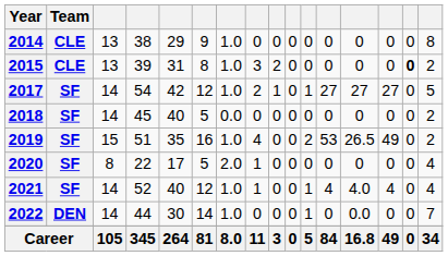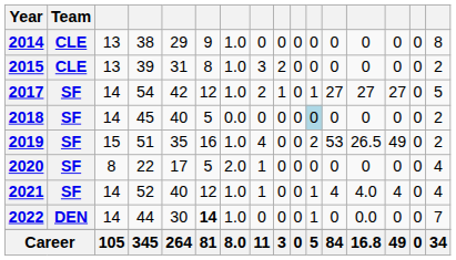 <table class="wikitable sortable" style="text-align:center">
 <tr>
 <th>Year</th>
 <th>Team</th>
 <th></th>
 <th></th>
 <th></th>
 <th></th>
 <th></th>
 <th></th>
 <th></th>
 <th></th>
 <th></th>
 <th></th>
 <th></th>
 <th></th>
 <th></th>
 <th></th>
 </tr>
 <tr>
 <th><a href='#'>2014</a></th>
 <th><a href='#'>CLE</a></th>
 <td>13</td>
 <td>38</td>
 <td>29</td>
 <td>9</td>
 <td>1.0</td>
 <td>0</td>
 <td>0</td>
 <td>0</td>
 <td>0</td>
 <td>0</td>
 <td>0</td>
 <td>0</td>
 <td>0</td>
 <td>8</td>
 </tr>
 <tr>
 <th><a href='#'>2015</a></th>
 <th><a href='#'>CLE</a></th>
 <td>13</td>
 <td>39</td>
 <td>31</td>
 <td>8</td>
 <td>1.0</td>
 <td>3</td>
 <td>2</td>
 <td>0</td>
 <td>0</td>
 <td>0</td>
 <td>0</td>
 <td>0</td>
-<td><strong>0</strong></td>
+<td>0</td>
 <td>2</td>
 </tr>
 <tr>
 <th><a href='#'>2017</a></th>
 <th><a href='#'>SF</a></th>
 <td>14</td>
 <td>54</td>
 <td>42</td>
 <td>12</td>
 <td>1.0</td>
 <td>2</td>
 <td>1</td>
 <td>0</td>
 <td>1</td>
 <td>27</td>
 <td>27</td>
 <td>27</td>
 <td>0</td>
 <td>5</td>
 </tr>
 <tr>
 <th><a href='#'>2018</a></th>
 <th><a href='#'>SF</a></th>
 <td>14</td>
 <td>45</td>
 <td>40</td>
 <td>5</td>
 <td>0.0</td>
 <td>0</td>
 <td>0</td>
 <td>0</td>
-<td>0</td>
+<td style="background: lightblue;">0</td>
 <td>0</td>
 <td>0</td>
 <td>0</td>
 <td>0</td>
 <td>2</td>
 </tr>
 <tr>
 <th><a href='#'>2019</a></th>
 <th><a href='#'>SF</a></th>
 <td>15</td>
 <td>51</td>
 <td>35</td>
 <td>16</td>
 <td>1.0</td>
 <td>4</td>
 <td>0</td>
 <td>0</td>
 <td>2</td>
 <td>53</td>
 <td>26.5</td>
 <td>49</td>
 <td>0</td>
 <td>2</td>
 </tr>
 <tr>
 <th><a href='#'>2020</a></th>
 <th><a href='#'>SF</a></th>
 <td>8</td>
 <td>22</td>
 <td>17</td>
 <td>5</td>
 <td>2.0</td>
 <td>1</td>
 <td>0</td>
 <td>0</td>
 <td>0</td>
 <td>0</td>
 <td>0</td>
 <td>0</td>
 <td>0</td>
 <td>4</td>
 </tr>
 <tr>
 <th><a href='#'>2021</a></th>
 <th><a href='#'>SF</a></th>
 <td>14</td>
 <td>52</td>
 <td>40</td>
 <td>12</td>
 <td>1.0</td>
 <td>1</td>
 <td>0</td>
 <td>0</td>
 <td>1</td>
 <td>4</td>
 <td>4.0</td>
 <td>4</td>
 <td>0</td>
 <td>4</td>
 </tr>
 <tr>
 <th><a href='#'>2022</a></th>
 <th><a href='#'>DEN</a></th>
 <td>14</td>
 <td>44</td>
 <td>30</td>
-<td>14</td>
+<td><strong>14</strong></td>
 <td>1.0</td>
 <td>0</td>
 <td>0</td>
 <td>0</td>
 <td>1</td>
 <td>0</td>
 <td>0.0</td>
 <td>0</td>
 <td>0</td>
 <td>7</td>
 </tr>
 <tr>
 </tr>
 <tr class="sortbottom">
 <th colspan="2">Career</th>
 <th>105</th>
 <th>345</th>
 <th>264</th>
 <th>81</th>
 <th>8.0</th>
 <th>11</th>
 <th>3</th>
 <th>0</th>
 <th>5</th>
 <th>84</th>
 <th>16.8</th>
 <th>49</th>
 <th>0</th>
 <th>34</th>
 </tr>
 </table>
